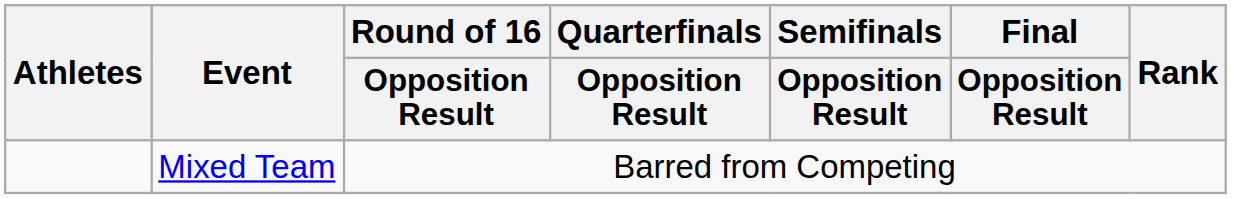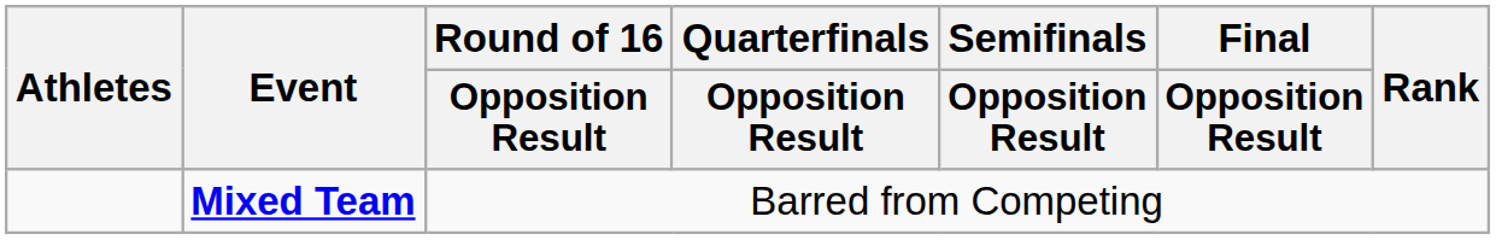 <table class="wikitable" style="font-size:90%">
 <tr>
 <th rowspan="2">Athletes</th>
 <th rowspan="2">Event</th>
 <th>Round of 16</th>
 <th>Quarterfinals</th>
 <th>Semifinals</th>
 <th>Final</th>
 <th rowspan=2>Rank</th>
 </tr>
 <tr style="font-size:95%">
 <th>Opposition<br>Result</th>
 <th>Opposition<br>Result</th>
 <th>Opposition<br>Result</th>
 <th>Opposition<br>Result</th>
 </tr>
 <tr align=center>
 <td align=left></td>
-<td align=left><a href='#'>Mixed Team</a></td>
+<td align=left><strong><a href='#'>Mixed Team</a></strong></td>
 <td colspan=5>Barred from Competing</td>
 </tr>
 </table>
